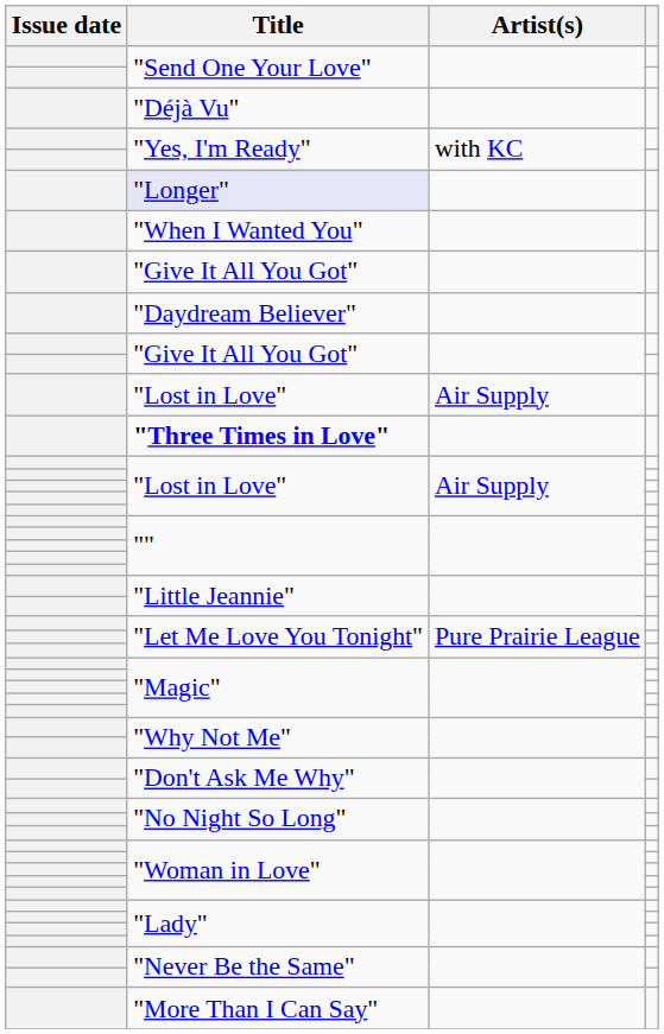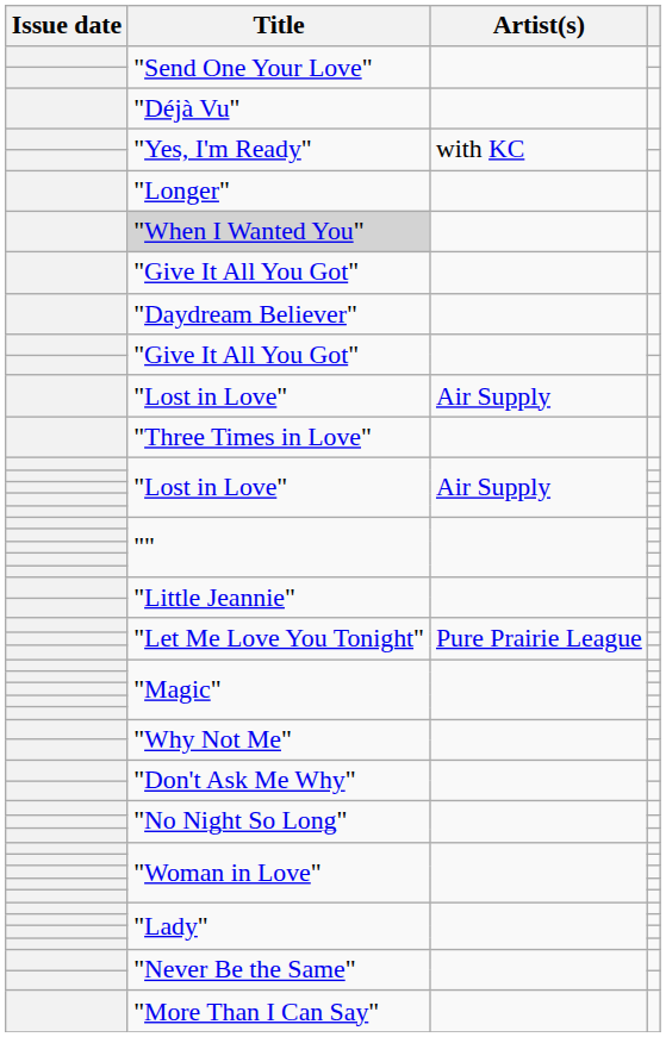 <table class="wikitable sortable plainrowheaders">
 <tr>
 <th scope=col>Issue date</th>
 <th scope=col>Title</th>
 <th scope=col>Artist(s)</th>
 <th scope=col class=unsortable></th>
 </tr>
 <tr>
 <th scope=row></th>
 <td rowspan="2">"<a href='#'>Send One Your Love</a>"</td>
 <td rowspan="2"></td>
 <td align=center></td>
 </tr>
 <tr>
 <th scope=row></th>
 <td align=center></td>
 </tr>
 <tr>
 <th scope=row></th>
 <td rowspan="1">"<a href='#'>Déjà Vu</a>"</td>
 <td rowspan="1"></td>
 <td align=center></td>
 </tr>
 <tr>
 <th scope=row></th>
 <td rowspan="2">"<a href='#'>Yes, I'm Ready</a>"</td>
 <td rowspan="2"> with <a href='#'>KC</a></td>
 <td align=center></td>
 </tr>
 <tr>
 <th scope=row></th>
 <td align=center></td>
 </tr>
 <tr>
 <th scope=row></th>
-<td rowspan="1" style="background: lavender;">"<a href='#'>Longer</a>"</td>
+<td rowspan="1">"<a href='#'>Longer</a>"</td>
 <td rowspan="1"></td>
 <td align=center></td>
 </tr>
 <tr>
 <th scope=row></th>
-<td rowspan="1">"<a href='#'>When I Wanted You</a>"</td>
+<td rowspan="1" style="background: lightgrey;">"<a href='#'>When I Wanted You</a>"</td>
 <td rowspan="1"></td>
 <td align=center></td>
 </tr>
 <tr>
 <th scope=row></th>
 <td rowspan="1">"<a href='#'>Give It All You Got</a>"</td>
 <td rowspan="1"></td>
 <td align=center></td>
 </tr>
 <tr>
 <th scope=row></th>
 <td rowspan="1">"<a href='#'>Daydream Believer</a>"</td>
 <td rowspan="1"></td>
 <td align=center></td>
 </tr>
 <tr>
 <th scope=row></th>
 <td rowspan="2">"<a href='#'>Give It All You Got</a>"</td>
 <td rowspan="2"></td>
 <td align=center></td>
 </tr>
 <tr>
 <th scope=row></th>
 <td align=center></td>
 </tr>
 <tr>
 <th scope=row></th>
 <td>"<a href='#'>Lost in Love</a>"</td>
 <td><a href='#'>Air Supply</a></td>
 <td align=center></td>
 </tr>
 <tr>
 <th scope=row></th>
-<td rowspan="1"><strong>"<a href='#'>Three Times in Love</a>"</strong></td>
+<td rowspan="1">"<a href='#'>Three Times in Love</a>"</td>
 <td rowspan="1"></td>
 <td align=center></td>
 </tr>
 <tr>
 <th scope=row></th>
 <td rowspan="5">"<a href='#'>Lost in Love</a>"</td>
 <td rowspan="5"><a href='#'>Air Supply</a></td>
 <td align=center></td>
 </tr>
 <tr>
 <th scope=row></th>
 <td align=center></td>
 </tr>
 <tr>
 <th scope=row></th>
 <td align=center></td>
 </tr>
 <tr>
 <th scope=row></th>
 <td align=center></td>
 </tr>
 <tr>
 <th scope=row></th>
 <td align=center></td>
 </tr>
 <tr>
 <th scope=row></th>
 <td rowspan="5">""</td>
 <td rowspan="5"></td>
 <td align=center></td>
 </tr>
 <tr>
 <th scope=row></th>
 <td align=center></td>
 </tr>
 <tr>
 <th scope=row></th>
 <td align=center></td>
 </tr>
 <tr>
 <th scope=row></th>
 <td align=center></td>
 </tr>
 <tr>
 <th scope=row></th>
 <td align=center></td>
 </tr>
 <tr>
 <th scope=row></th>
 <td rowspan="2">"<a href='#'>Little Jeannie</a>"</td>
 <td rowspan="2"></td>
 <td align=center></td>
 </tr>
 <tr>
 <th scope=row></th>
 <td align=center></td>
 </tr>
 <tr>
 <th scope=row></th>
 <td rowspan="3">"<a href='#'>Let Me Love You Tonight</a>"</td>
 <td rowspan="3"><a href='#'>Pure Prairie League</a></td>
 <td align=center></td>
 </tr>
 <tr>
 <th scope=row></th>
 <td align=center></td>
 </tr>
 <tr>
 <th scope=row></th>
 <td align=center></td>
 </tr>
 <tr>
 <th scope=row></th>
 <td rowspan="5">"<a href='#'>Magic</a>"</td>
 <td rowspan="5"></td>
 <td align=center></td>
 </tr>
 <tr>
 <th scope=row></th>
 <td align=center></td>
 </tr>
 <tr>
 <th scope=row></th>
 <td align=center></td>
 </tr>
 <tr>
 <th scope=row></th>
 <td align=center></td>
 </tr>
 <tr>
 <th scope=row></th>
 <td align=center></td>
 </tr>
 <tr>
 <th scope=row></th>
 <td rowspan="2">"<a href='#'>Why Not Me</a>"</td>
 <td rowspan="2"></td>
 <td align=center></td>
 </tr>
 <tr>
 <th scope=row></th>
 <td align=center></td>
 </tr>
 <tr>
 <th scope=row></th>
 <td rowspan="2">"<a href='#'>Don't Ask Me Why</a>"</td>
 <td rowspan="2"></td>
 <td align=center></td>
 </tr>
 <tr>
 <th scope=row></th>
 <td align=center></td>
 </tr>
 <tr>
 <th scope=row></th>
 <td rowspan="3">"<a href='#'>No Night So Long</a>"</td>
 <td rowspan="3"></td>
 <td align=center></td>
 </tr>
 <tr>
 <th scope=row></th>
 <td align=center></td>
 </tr>
 <tr>
 <th scope=row></th>
 <td align=center></td>
 </tr>
 <tr>
 <th scope=row></th>
 <td rowspan="5">"<a href='#'>Woman in Love</a>"</td>
 <td rowspan="5"></td>
 <td align=center></td>
 </tr>
 <tr>
 <th scope=row></th>
 <td align=center></td>
 </tr>
 <tr>
 <th scope=row></th>
 <td align=center></td>
 </tr>
 <tr>
 <th scope=row></th>
 <td align=center></td>
 </tr>
 <tr>
 <th scope=row></th>
 <td align=center></td>
 </tr>
 <tr>
 <th scope=row></th>
 <td rowspan="4">"<a href='#'>Lady</a>"</td>
 <td rowspan="4"></td>
 <td align=center></td>
 </tr>
 <tr>
 <th scope=row></th>
 <td align=center></td>
 </tr>
 <tr>
 <th scope=row></th>
 <td align=center></td>
 </tr>
 <tr>
 <th scope=row></th>
 <td align=center></td>
 </tr>
 <tr>
 <th scope=row></th>
 <td rowspan="2">"<a href='#'>Never Be the Same</a>"</td>
 <td rowspan="2"></td>
 <td align=center></td>
 </tr>
 <tr>
 <th scope=row></th>
 <td align=center></td>
 </tr>
 <tr>
 <th scope=row></th>
 <td rowspan="1">"<a href='#'>More Than I Can Say</a>"</td>
 <td rowspan="1"></td>
 <td align=center></td>
 </tr>
 </table>
